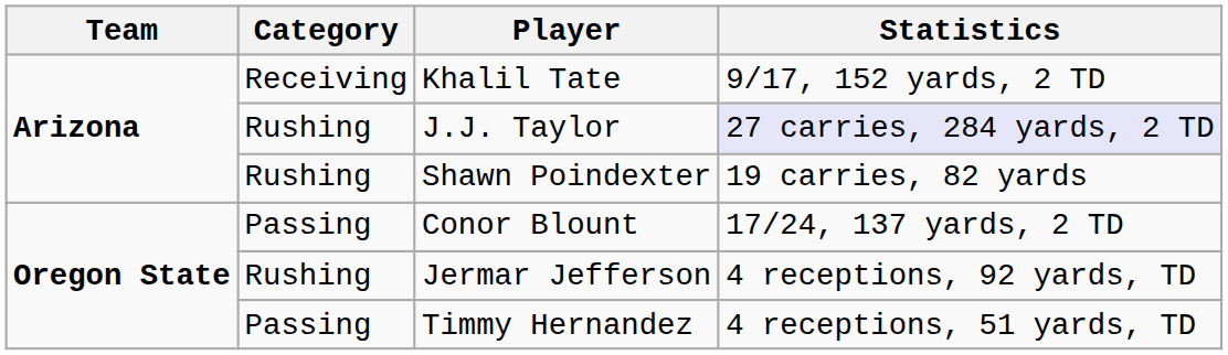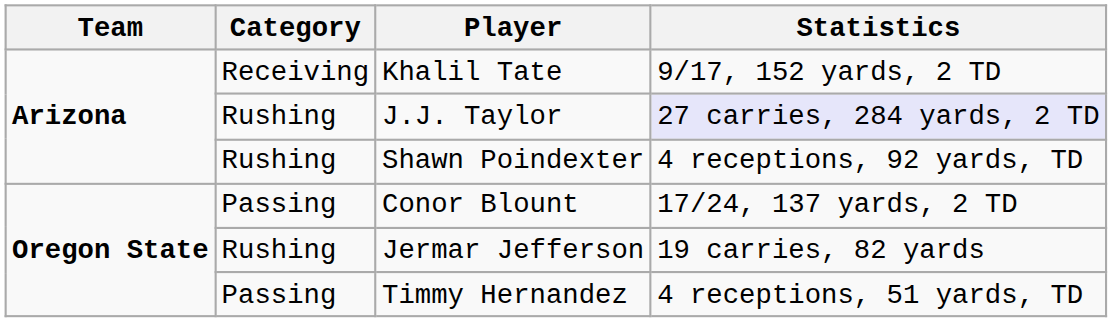 <table class="wikitable" style="float: right;">
 <tr>
 <th>Team</th>
 <th>Category</th>
 <th>Player</th>
 <th>Statistics</th>
 </tr>
 <tr>
 <td rowspan=3><strong>Arizona</strong></td>
 <td>Receiving</td>
 <td>Khalil Tate</td>
 <td>9/17, 152 yards, 2 TD</td>
 </tr>
 <tr>
 <td>Rushing</td>
 <td>J.J. Taylor</td>
 <td style="background: lavender;">27 carries, 284 yards, 2 TD</td>
 </tr>
 <tr>
 <td>Rushing</td>
 <td>Shawn Poindexter</td>
-<td>19 carries, 82 yards</td>
+<td>4 receptions, 92 yards, TD</td>
 </tr>
 <tr>
 <td rowspan=3><strong>Oregon State</strong></td>
 <td>Passing</td>
 <td>Conor Blount</td>
 <td>17/24, 137 yards, 2 TD</td>
 </tr>
 <tr>
 <td>Rushing</td>
 <td>Jermar Jefferson</td>
-<td>4 receptions, 92 yards, TD</td>
+<td>19 carries, 82 yards</td>
 </tr>
 <tr>
 <td>Passing</td>
 <td>Timmy Hernandez</td>
 <td>4 receptions, 51 yards, TD</td>
 </tr>
 </table>
